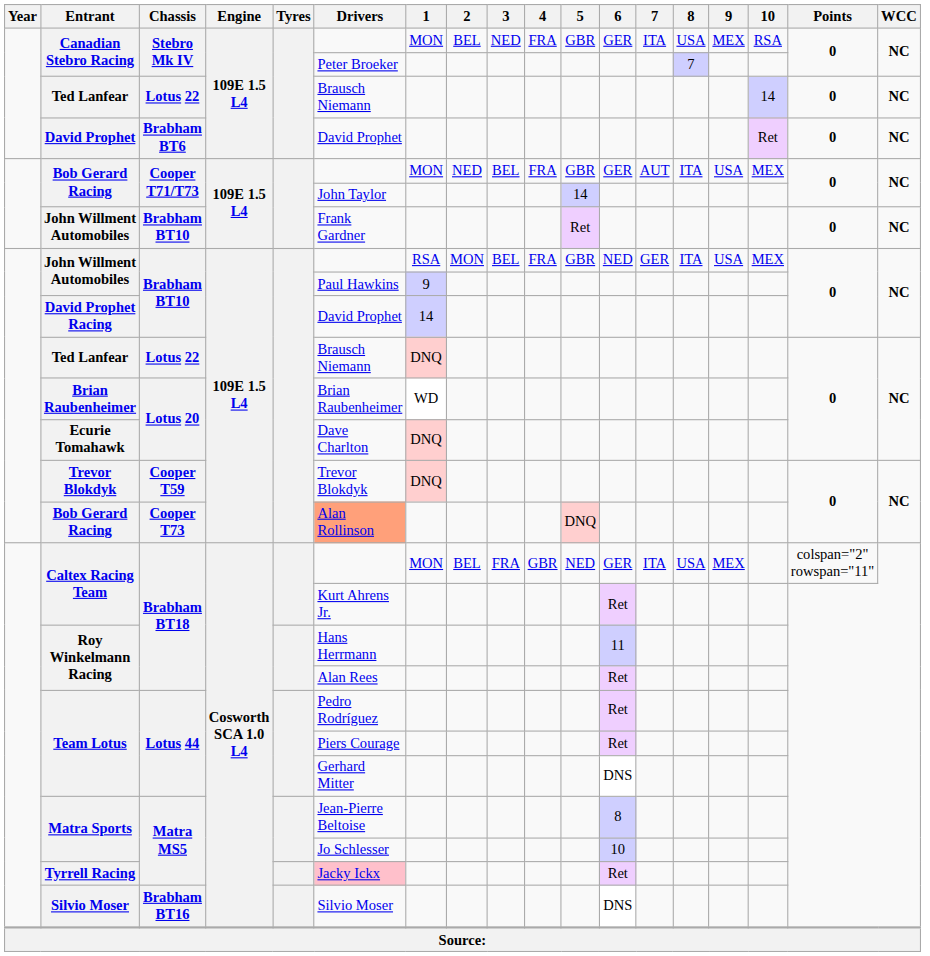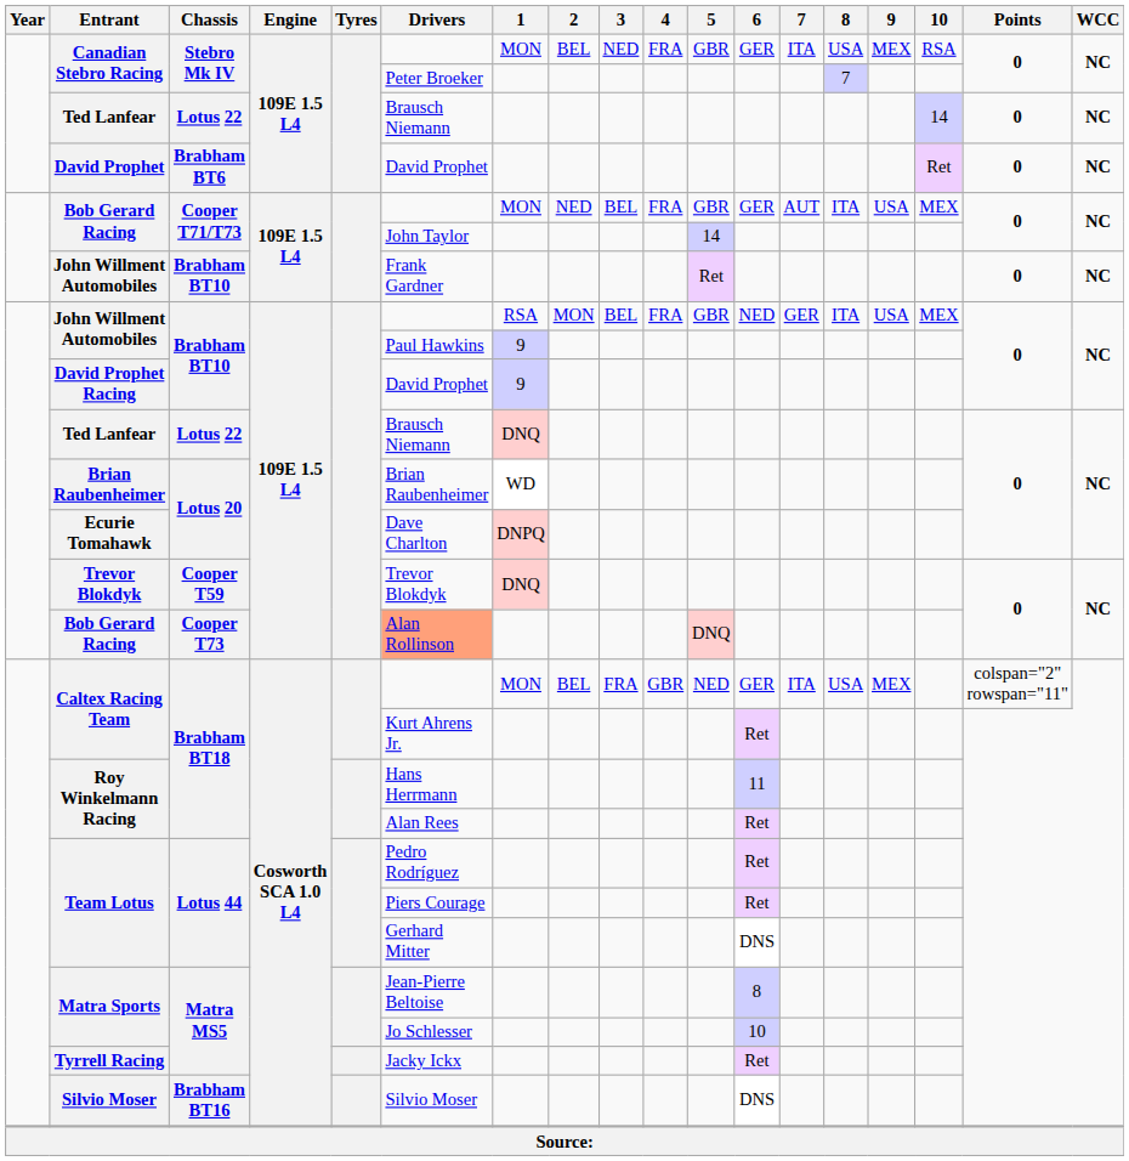 <table class="wikitable" style="text-align:center; font-size:85%">
 <tr>
 <th>Year</th>
 <th>Entrant</th>
 <th>Chassis</th>
 <th>Engine</th>
 <th>Tyres</th>
 <th>Drivers</th>
 <th>1</th>
 <th>2</th>
 <th>3</th>
 <th>4</th>
 <th>5</th>
 <th>6</th>
 <th>7</th>
 <th>8</th>
 <th>9</th>
 <th>10</th>
 <th>Points</th>
 <th>WCC</th>
 </tr>
 <tr>
 <td rowspan="4"></td>
 <th rowspan="2"><a href='#'>Canadian Stebro Racing</a></th>
 <th rowspan="2"><a href='#'>Stebro</a> <a href='#'>Mk IV</a></th>
 <th rowspan="4">109E 1.5 <a href='#'>L4</a></th>
 <th rowspan="4"></th>
 <td></td>
 <td><a href='#'>MON</a></td>
 <td><a href='#'>BEL</a></td>
 <td><a href='#'>NED</a></td>
 <td><a href='#'>FRA</a></td>
 <td><a href='#'>GBR</a></td>
 <td><a href='#'>GER</a></td>
 <td><a href='#'>ITA</a></td>
 <td><a href='#'>USA</a></td>
 <td><a href='#'>MEX</a></td>
 <td><a href='#'>RSA</a></td>
 <td rowspan="2"><strong>0</strong></td>
 <td rowspan="2"><strong>NC</strong></td>
 </tr>
 <tr>
 <td align="left"><a href='#'>Peter Broeker</a></td>
 <td></td>
 <td></td>
 <td></td>
 <td></td>
 <td></td>
 <td></td>
 <td></td>
 <td style="background:#CFCFFF;">7</td>
 <td></td>
 <td></td>
 </tr>
 <tr>
 <th>Ted Lanfear</th>
 <th><a href='#'>Lotus</a> <a href='#'>22</a></th>
 <td align="left"><a href='#'>Brausch Niemann</a></td>
 <td></td>
 <td></td>
 <td></td>
 <td></td>
 <td></td>
 <td></td>
 <td></td>
 <td></td>
 <td></td>
 <td style="background:#CFCFFF;">14</td>
 <td><strong>0</strong></td>
 <td><strong>NC</strong></td>
 </tr>
 <tr>
 <th><a href='#'>David Prophet</a></th>
 <th><a href='#'>Brabham</a> <a href='#'>BT6</a></th>
 <td align="left"><a href='#'>David Prophet</a></td>
 <td></td>
 <td></td>
 <td></td>
 <td></td>
 <td></td>
 <td></td>
 <td></td>
 <td></td>
 <td></td>
 <td style="background:#EFCFFF;">Ret</td>
 <td><strong>0</strong></td>
 <td><strong>NC</strong></td>
 </tr>
 <tr>
 <td rowspan="3"></td>
 <th rowspan="2"><a href='#'>Bob Gerard Racing</a></th>
 <th rowspan="2"><a href='#'>Cooper</a> <a href='#'>T71/T73</a></th>
 <th rowspan="3">109E 1.5 <a href='#'>L4</a></th>
 <th rowspan="3"></th>
 <td></td>
 <td><a href='#'>MON</a></td>
 <td><a href='#'>NED</a></td>
 <td><a href='#'>BEL</a></td>
 <td><a href='#'>FRA</a></td>
 <td><a href='#'>GBR</a></td>
 <td><a href='#'>GER</a></td>
 <td><a href='#'>AUT</a></td>
 <td><a href='#'>ITA</a></td>
 <td><a href='#'>USA</a></td>
 <td><a href='#'>MEX</a></td>
 <td rowspan="2"><strong>0</strong></td>
 <td rowspan="2"><strong>NC</strong></td>
 </tr>
 <tr>
 <td align="left"><a href='#'>John Taylor</a></td>
 <td></td>
 <td></td>
 <td></td>
 <td></td>
 <td style="background:#CFCFFF;">14</td>
 <td></td>
 <td></td>
 <td></td>
 <td></td>
 <td></td>
 </tr>
 <tr>
 <th>John Willment Automobiles</th>
 <th><a href='#'>Brabham</a> <a href='#'>BT10</a></th>
 <td align="left"><a href='#'>Frank Gardner</a></td>
 <td></td>
 <td></td>
 <td></td>
 <td></td>
 <td style="background:#EFCFFF;">Ret</td>
 <td></td>
 <td></td>
 <td></td>
 <td></td>
 <td></td>
 <td><strong>0</strong></td>
 <td><strong>NC</strong></td>
 </tr>
 <tr>
 <td rowspan="8"></td>
 <th rowspan="2">John Willment Automobiles</th>
 <th rowspan="3"><a href='#'>Brabham</a> <a href='#'>BT10</a></th>
 <th rowspan="8">109E 1.5 <a href='#'>L4</a></th>
 <th rowspan="8"></th>
 <td></td>
 <td><a href='#'>RSA</a></td>
 <td><a href='#'>MON</a></td>
 <td><a href='#'>BEL</a></td>
 <td><a href='#'>FRA</a></td>
 <td><a href='#'>GBR</a></td>
 <td><a href='#'>NED</a></td>
 <td><a href='#'>GER</a></td>
 <td><a href='#'>ITA</a></td>
 <td><a href='#'>USA</a></td>
 <td><a href='#'>MEX</a></td>
 <td rowspan="3"><strong>0</strong></td>
 <td rowspan="3"><strong>NC</strong></td>
 </tr>
 <tr>
 <td align="left"><a href='#'>Paul Hawkins</a></td>
 <td style="background:#CFCFFF;">9</td>
 <td></td>
 <td></td>
 <td></td>
 <td></td>
 <td></td>
 <td></td>
 <td></td>
 <td></td>
 <td></td>
 </tr>
 <tr>
 <th><a href='#'>David Prophet Racing</a></th>
 <td align="left"><a href='#'>David Prophet</a></td>
-<td style="background:#CFCFFF;">14</td>
+<td style="background:#CFCFFF;">9</td>
 <td></td>
 <td></td>
 <td></td>
 <td></td>
 <td></td>
 <td></td>
 <td></td>
 <td></td>
 <td></td>
 </tr>
 <tr>
 <th>Ted Lanfear</th>
 <th><a href='#'>Lotus</a> <a href='#'>22</a></th>
 <td align="left"><a href='#'>Brausch Niemann</a></td>
 <td style="background:#ffcfcf;">DNQ</td>
 <td></td>
 <td></td>
 <td></td>
 <td></td>
 <td></td>
 <td></td>
 <td></td>
 <td></td>
 <td></td>
 <td rowspan="3"><strong>0</strong></td>
 <td rowspan="3"><strong>NC</strong></td>
 </tr>
 <tr>
 <th><a href='#'>Brian Raubenheimer</a></th>
 <th rowspan="2"><a href='#'>Lotus</a> <a href='#'>20</a></th>
 <td align="left"><a href='#'>Brian Raubenheimer</a></td>
 <td style="background:#ffffff;">WD</td>
 <td></td>
 <td></td>
 <td></td>
 <td></td>
 <td></td>
 <td></td>
 <td></td>
 <td></td>
 <td></td>
 </tr>
 <tr>
 <th>Ecurie Tomahawk</th>
 <td align="left"><a href='#'>Dave Charlton</a></td>
-<td style="background:#ffcfcf;">DNQ</td>
+<td style="background:#ffcfcf;">DNPQ</td>
 <td></td>
 <td></td>
 <td></td>
 <td></td>
 <td></td>
 <td></td>
 <td></td>
 <td></td>
 </tr>
 <tr>
 <th><a href='#'>Trevor Blokdyk</a></th>
 <th><a href='#'>Cooper</a> <a href='#'>T59</a></th>
 <td align="left"><a href='#'>Trevor Blokdyk</a></td>
 <td style="background:#ffcfcf;">DNQ</td>
 <td></td>
 <td></td>
 <td></td>
 <td></td>
 <td></td>
 <td></td>
 <td></td>
 <td></td>
 <td></td>
 <td rowspan="2"><strong>0</strong></td>
 <td rowspan="2"><strong>NC</strong></td>
 </tr>
 <tr>
 <th><a href='#'>Bob Gerard Racing</a></th>
 <th><a href='#'>Cooper</a> <a href='#'>T73</a></th>
 <td align="left" style="background: lightsalmon;"><a href='#'>Alan Rollinson</a></td>
 <td></td>
 <td></td>
 <td></td>
 <td></td>
 <td style="background:#ffcfcf;">DNQ</td>
 <td></td>
 <td></td>
 <td></td>
 <td></td>
 <td></td>
 </tr>
 <tr>
 <td rowspan="11"></td>
 <th rowspan="2"><a href='#'>Caltex Racing Team</a></th>
 <th rowspan="4"><a href='#'>Brabham</a> <a href='#'>BT18</a></th>
 <th rowspan="11">Cosworth SCA 1.0 <a href='#'>L4</a></th>
 <th rowspan="2"></th>
 <td></td>
 <td><a href='#'>MON</a></td>
 <td><a href='#'>BEL</a></td>
 <td><a href='#'>FRA</a></td>
 <td><a href='#'>GBR</a></td>
 <td><a href='#'>NED</a></td>
 <td><a href='#'>GER</a></td>
 <td><a href='#'>ITA</a></td>
 <td><a href='#'>USA</a></td>
 <td><a href='#'>MEX</a></td>
 <td></td>
 <td>colspan="2" rowspan="11" </td>
 </tr>
 <tr>
 <td align="left"><a href='#'>Kurt Ahrens Jr.</a></td>
 <td></td>
 <td></td>
 <td></td>
 <td></td>
 <td></td>
 <td style="background:#efcfff;">Ret</td>
 <td></td>
 <td></td>
 <td></td>
 <td></td>
 </tr>
 <tr>
 <th rowspan="2">Roy Winkelmann Racing</th>
 <th rowspan="2"></th>
 <td align="left"><a href='#'>Hans Herrmann</a></td>
 <td></td>
 <td></td>
 <td></td>
 <td></td>
 <td></td>
 <td style="background:#cfcfff;">11</td>
 <td></td>
 <td></td>
 <td></td>
 <td></td>
 </tr>
 <tr>
 <td align="left"><a href='#'>Alan Rees</a></td>
 <td></td>
 <td></td>
 <td></td>
 <td></td>
 <td></td>
 <td style="background:#efcfff;">Ret</td>
 <td></td>
 <td></td>
 <td></td>
 <td></td>
 </tr>
 <tr>
 <th rowspan="3"><a href='#'>Team Lotus</a></th>
 <th rowspan="3"><a href='#'>Lotus</a> <a href='#'>44</a></th>
 <th rowspan="3"></th>
 <td align="left"><a href='#'>Pedro Rodríguez</a></td>
 <td></td>
 <td></td>
 <td></td>
 <td></td>
 <td></td>
 <td style="background:#efcfff;">Ret</td>
 <td></td>
 <td></td>
 <td></td>
 <td></td>
 </tr>
 <tr>
 <td align="left"><a href='#'>Piers Courage</a></td>
 <td></td>
 <td></td>
 <td></td>
 <td></td>
 <td></td>
 <td style="background:#efcfff;">Ret</td>
 <td></td>
 <td></td>
 <td></td>
 <td></td>
 </tr>
 <tr>
 <td align="left"><a href='#'>Gerhard Mitter</a></td>
 <td></td>
 <td></td>
 <td></td>
 <td></td>
 <td></td>
 <td style="background:#ffffff;">DNS</td>
 <td></td>
 <td></td>
 <td></td>
 <td></td>
 </tr>
 <tr>
 <th rowspan="2"><a href='#'>Matra Sports</a></th>
 <th rowspan="3"><a href='#'>Matra</a> <a href='#'>MS5</a></th>
 <th rowspan="2"></th>
 <td align="left"><a href='#'>Jean-Pierre Beltoise</a></td>
 <td></td>
 <td></td>
 <td></td>
 <td></td>
 <td></td>
 <td style="background:#cfcfff;">8</td>
 <td></td>
 <td></td>
 <td></td>
 <td></td>
 </tr>
 <tr>
 <td align="left"><a href='#'>Jo Schlesser</a></td>
 <td></td>
 <td></td>
 <td></td>
 <td></td>
 <td></td>
 <td style="background:#cfcfff;">10</td>
 <td></td>
 <td></td>
 <td></td>
 <td></td>
 </tr>
 <tr>
 <th><a href='#'>Tyrrell Racing</a></th>
 <th></th>
-<td align="left" style="background: pink;"><a href='#'>Jacky Ickx</a></td>
+<td align="left"><a href='#'>Jacky Ickx</a></td>
 <td></td>
 <td></td>
 <td></td>
 <td></td>
 <td></td>
 <td style="background:#efcfff;">Ret</td>
 <td></td>
 <td></td>
 <td></td>
 <td></td>
 </tr>
 <tr>
 <th><a href='#'>Silvio Moser</a></th>
 <th><a href='#'>Brabham</a> <a href='#'>BT16</a></th>
 <th></th>
 <td align="left"><a href='#'>Silvio Moser</a></td>
 <td></td>
 <td></td>
 <td></td>
 <td></td>
 <td></td>
 <td style="background:#ffffff;">DNS</td>
 <td></td>
 <td></td>
 <td></td>
 <td></td>
 </tr>
 <tr style="border-top:2px solid #aaaaaa">
 <th colspan="27">Source:</th>
 </tr>
 </table>
